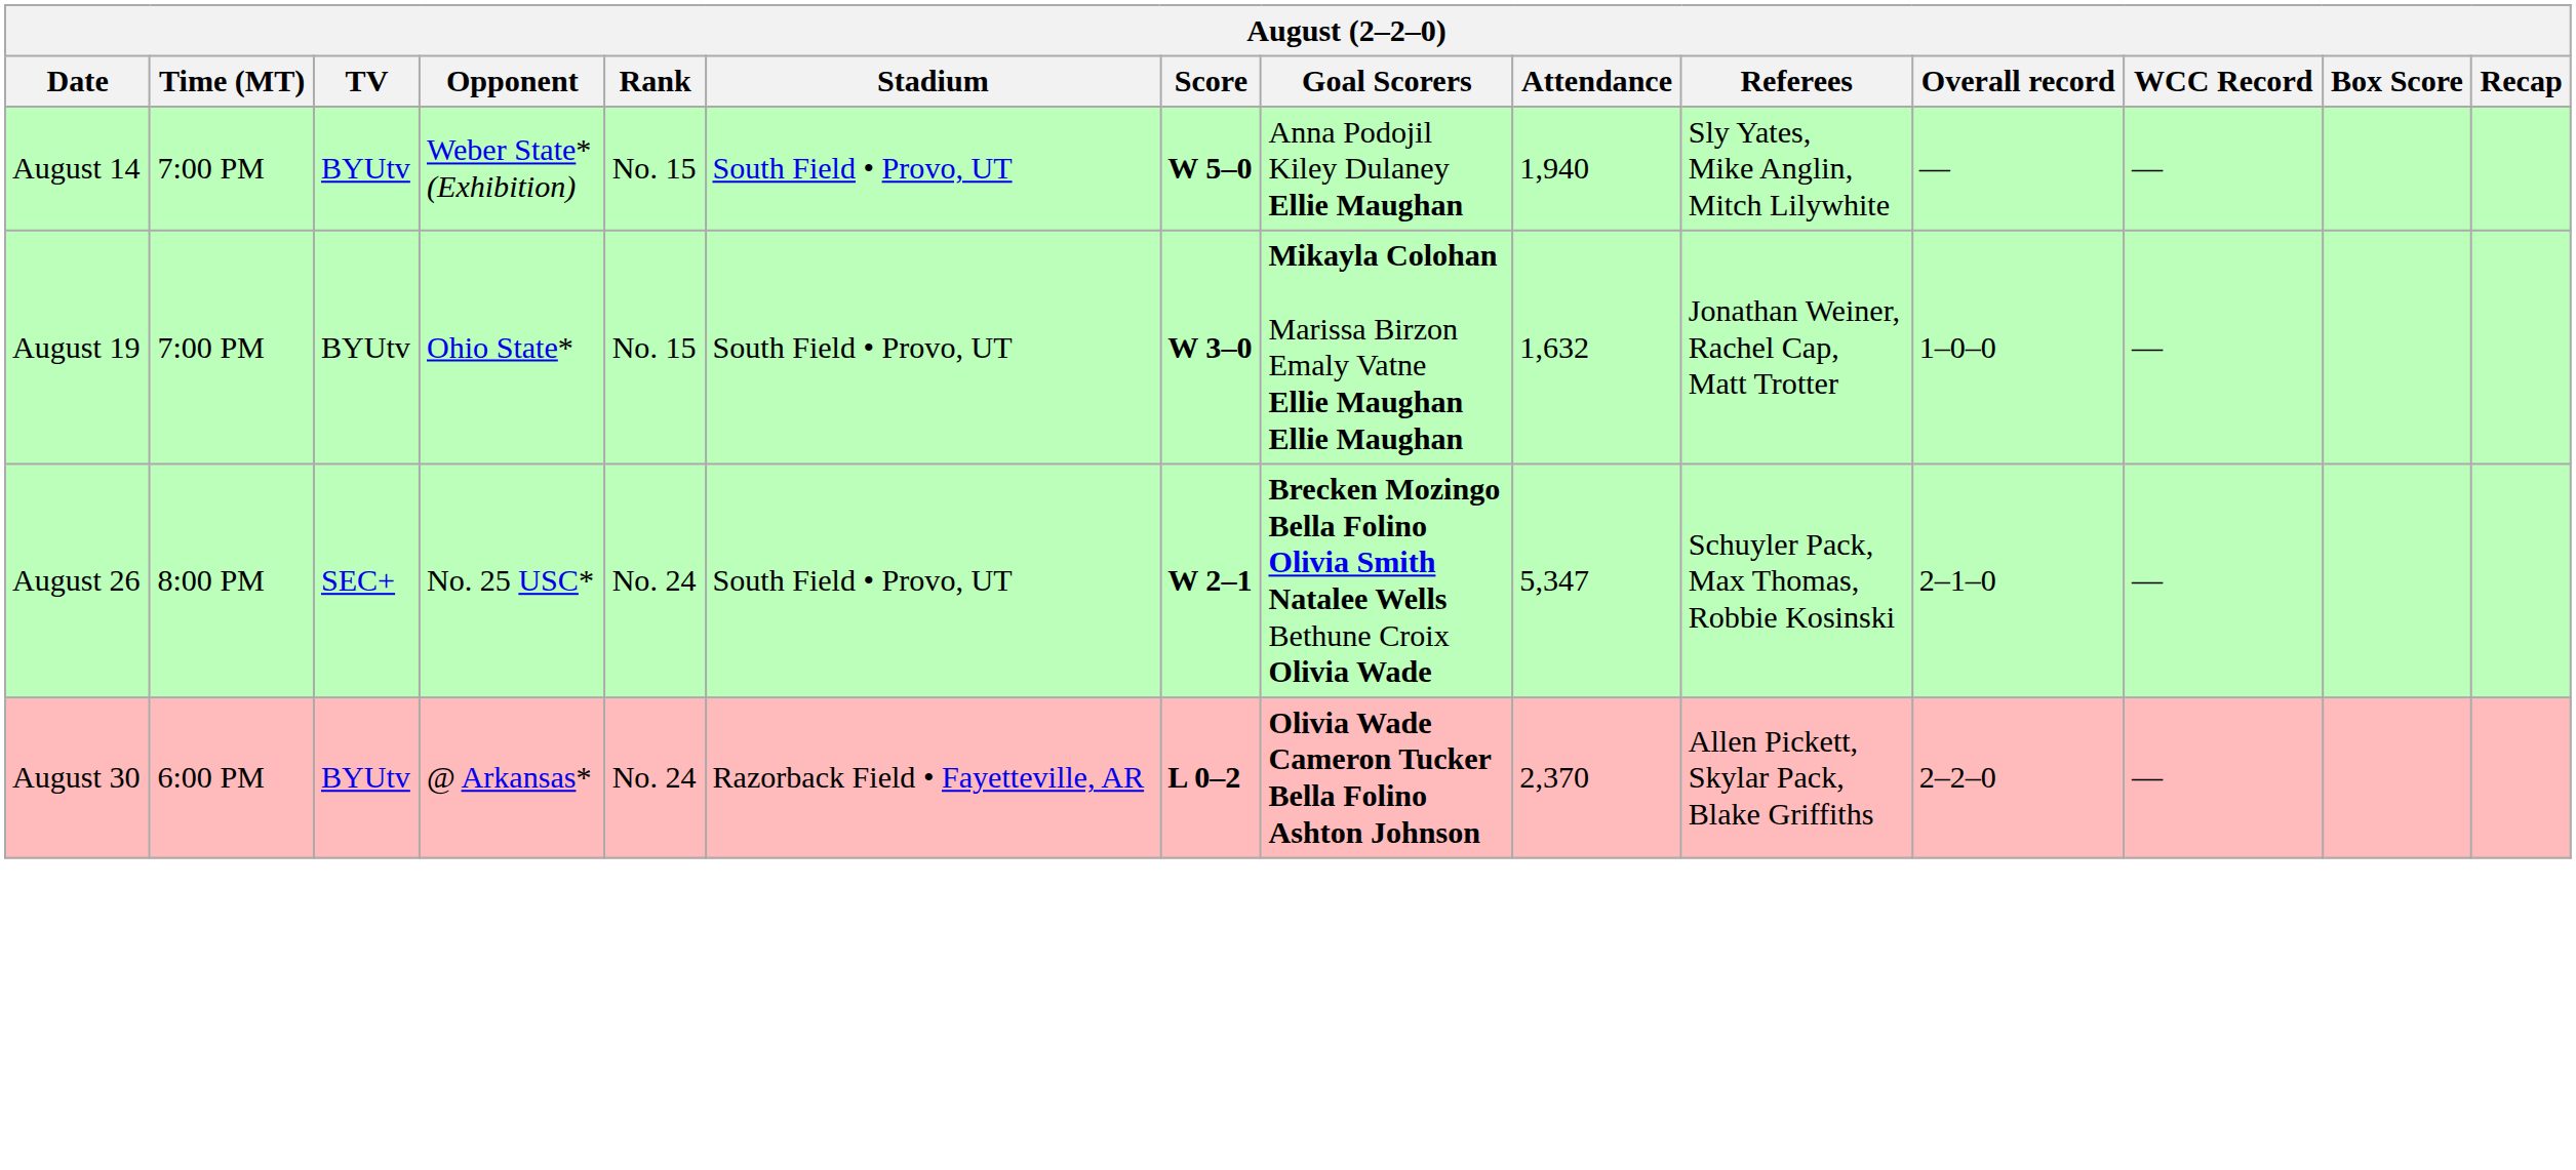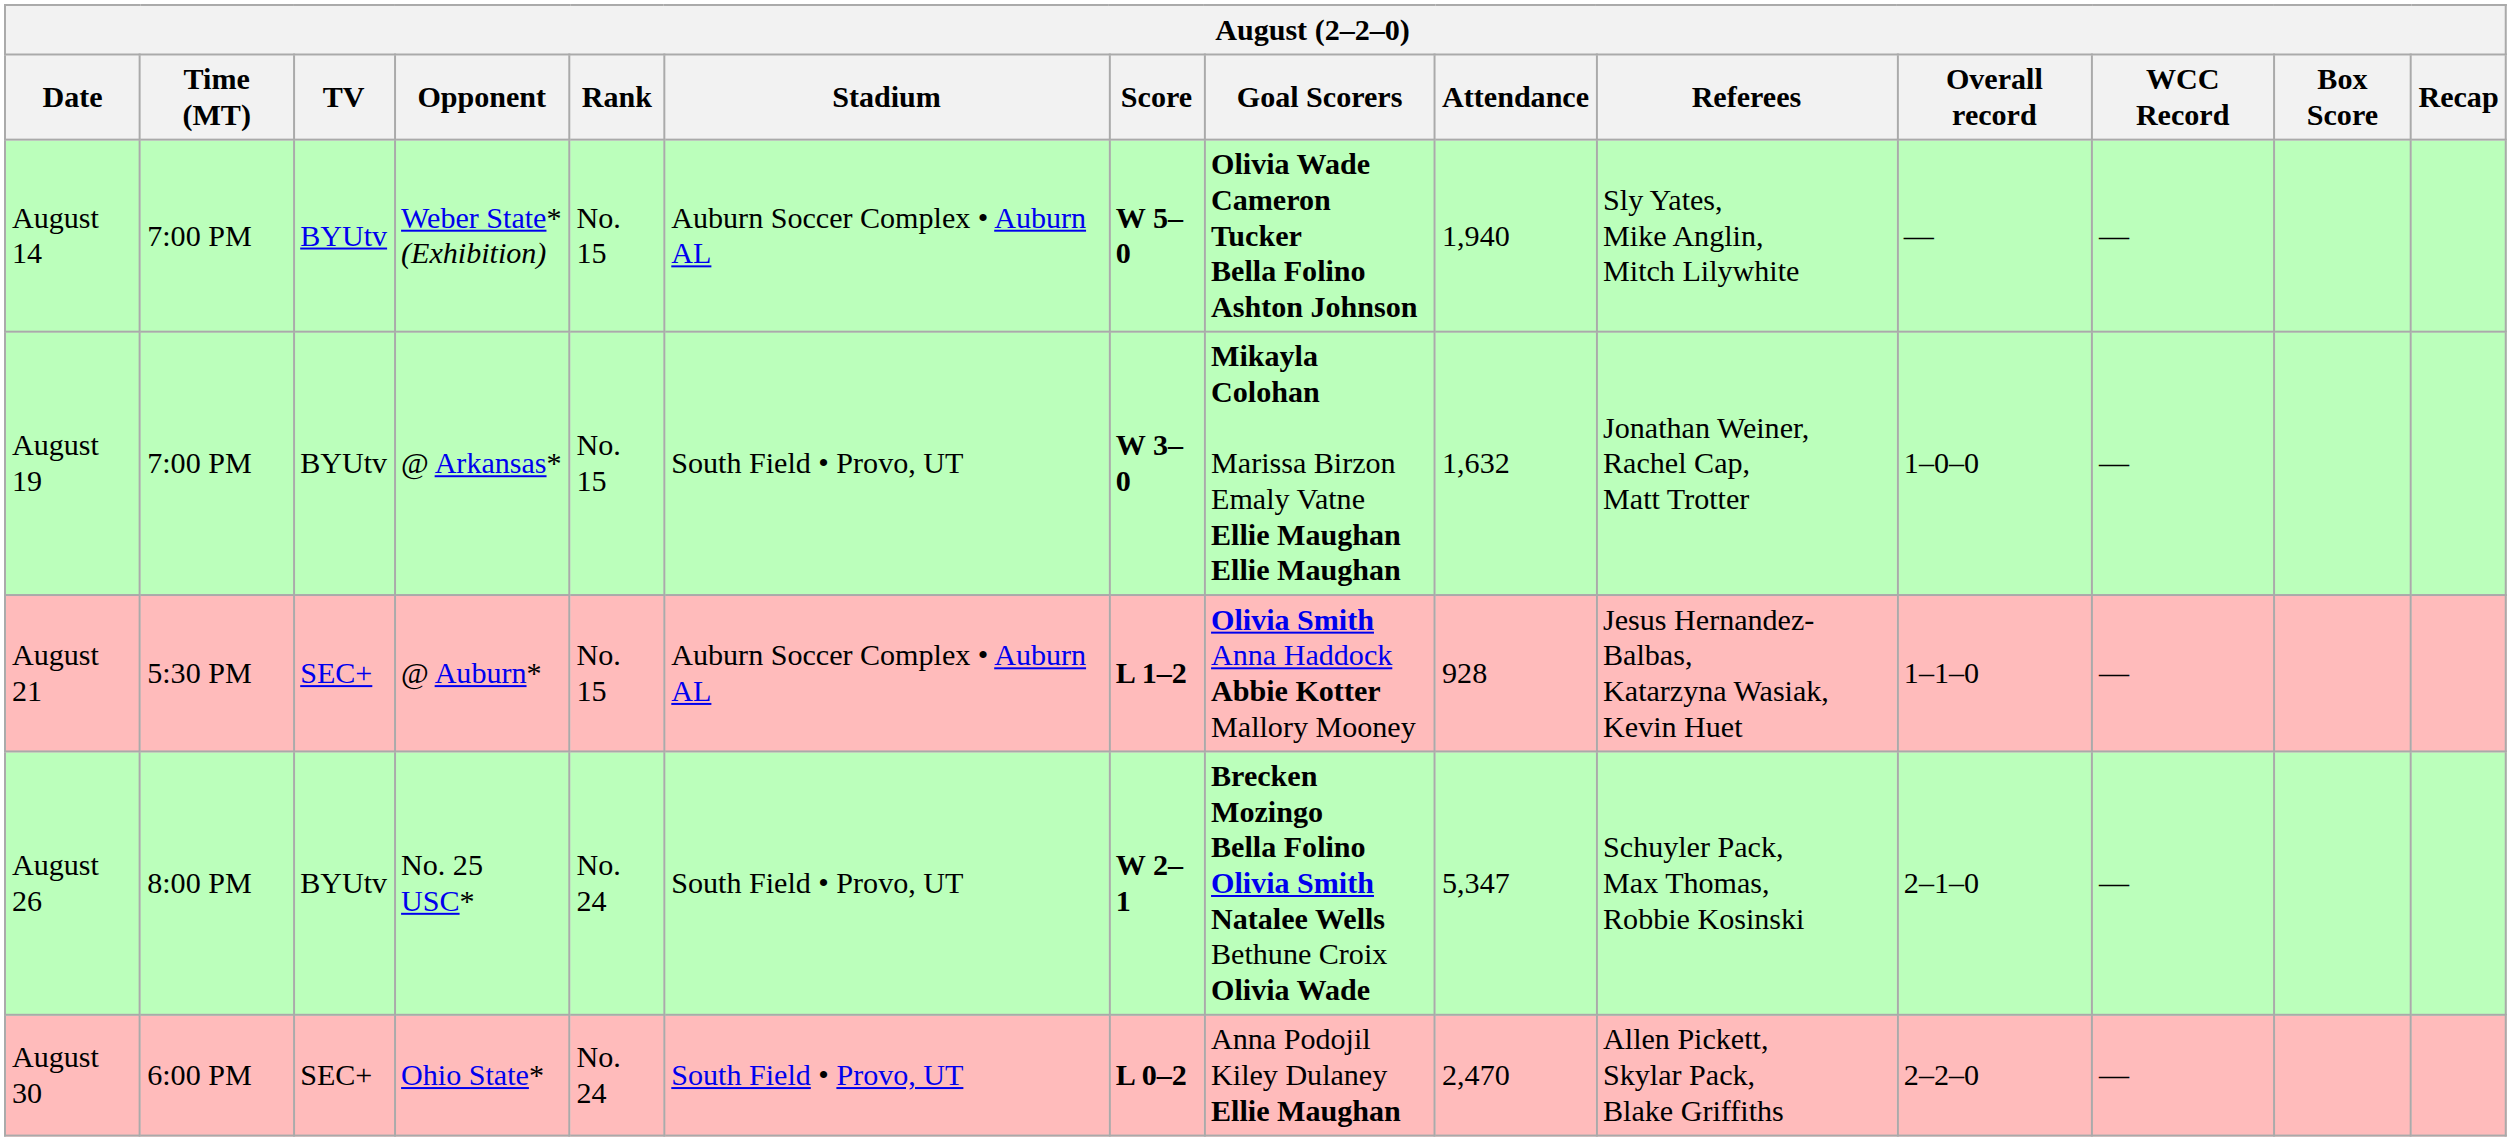 <table class="wikitable collapsible collapsed" style="margin:auto; font-size:95%; width:100%">
 <tr>
 <th colspan=14 style="padding-left:4em;">August (2–2–0)</th>
 </tr>
 <tr>
 <th>Date</th>
 <th>Time (MT)</th>
 <th>TV</th>
 <th>Opponent</th>
 <th>Rank</th>
 <th>Stadium</th>
 <th>Score</th>
 <th>Goal Scorers</th>
 <th>Attendance</th>
 <th>Referees</th>
 <th>Overall record</th>
 <th>WCC Record</th>
 <th>Box Score</th>
 <th>Recap</th>
 </tr>
 <tr bgcolor=bbffbb>
 <td>August 14</td>
 <td>7:00 PM</td>
 <td><a href='#'>BYUtv</a></td>
 <td><a href='#'>Weber State</a>*<br><em>(Exhibition)</em></td>
 <td>No. 15</td>
-<td><a href='#'>South Field</a> • <a href='#'>Provo, UT</a></td>
+<td>Auburn Soccer Complex • <a href='#'>Auburn AL</a></td>
 <td><strong>W 5–0</strong></td>
-<td> Anna Podojil <br>  Kiley Dulaney <br> <strong>Ellie Maughan</strong> </td>
+<td><strong>Olivia Wade</strong> <br><strong>Cameron Tucker</strong> <br> <strong>Bella Folino</strong>  <br> <strong>Ashton Johnson</strong> </td>
 <td>1,940</td>
 <td>Sly Yates,<br> Mike Anglin,<br> Mitch Lilywhite</td>
 <td>—</td>
 <td>—</td>
 <td></td>
 <td></td>
 </tr>
 <tr bgcolor=bbffbb>
 <td>August 19</td>
 <td>7:00 PM</td>
 <td>BYUtv</td>
-<td><a href='#'>Ohio State</a>*</td>
+<td>@ <a href='#'>Arkansas</a>*</td>
 <td>No. 15</td>
 <td>South Field • Provo, UT</td>
 <td><strong>W 3–0</strong></td>
 <td><strong>Mikayla Colohan</strong> <br><br> Marissa Birzon<br>  Emaly Vatne<br> <strong>Ellie Maughan</strong> <br> <strong>Ellie Maughan</strong></td>
 <td>1,632</td>
 <td>Jonathan Weiner,<br> Rachel Cap,<br> Matt Trotter</td>
 <td>1–0–0</td>
 <td>—</td>
 <td></td>
 <td></td>
 </tr>
+<tr bgcolor=ffbbbb>
+<td>August 21</td>
+<td>5:30 PM</td>
+<td><a href='#'>SEC+</a></td>
+<td>@ <a href='#'>Auburn</a>*</td>
+<td>No. 15</td>
+<td>Auburn Soccer Complex • <a href='#'>Auburn AL</a></td>
+<td><strong>L 1–2</strong></td>
+<td><strong><a href='#'>Olivia Smith</a></strong>  <br>  <a href='#'>Anna Haddock</a> <br><strong>Abbie Kotter</strong> <br>  Mallory Mooney</td>
+<td>928</td>
+<td>Jesus Hernandez-Balbas,<br>  Katarzyna Wasiak,<br> Kevin Huet</td>
+<td>1–1–0</td>
+<td>—</td>
+<td></td>
+<td></td>
+</tr>
 <tr bgcolor=bbffbb>
 <td>August 26</td>
 <td>8:00 PM</td>
-<td><a href='#'>SEC+</a></td>
+<td>BYUtv</td>
 <td>No. 25 <a href='#'>USC</a>*</td>
 <td>No. 24</td>
 <td>South Field • Provo, UT</td>
 <td><strong>W 2–1</strong></td>
 <td><strong>Brecken Mozingo</strong>  <br><strong>Bella Folino</strong> <br><strong><a href='#'>Olivia Smith</a></strong> <br><strong>Natalee Wells</strong>  <br>  Bethune Croix <br> <strong>Olivia Wade</strong> </td>
 <td>5,347</td>
 <td>Schuyler Pack,<br> Max Thomas,<br> Robbie Kosinski</td>
 <td>2–1–0</td>
 <td>—</td>
 <td></td>
 <td></td>
 </tr>
 <tr bgcolor=ffbbbb>
 <td>August 30</td>
 <td>6:00 PM</td>
-<td><a href='#'>BYUtv</a></td>
-<td>@ <a href='#'>Arkansas</a>*</td>
+<td>SEC+</td>
+<td><a href='#'>Ohio State</a>*</td>
 <td>No. 24</td>
-<td>Razorback Field • <a href='#'>Fayetteville, AR</a></td>
+<td><a href='#'>South Field</a> • <a href='#'>Provo, UT</a></td>
 <td><strong>L 0–2</strong></td>
-<td><strong>Olivia Wade</strong> <br><strong>Cameron Tucker</strong> <br> <strong>Bella Folino</strong>  <br> <strong>Ashton Johnson</strong> </td>
-<td>2,370</td>
+<td> Anna Podojil <br>  Kiley Dulaney <br> <strong>Ellie Maughan</strong> </td>
+<td>2,470</td>
 <td>Allen Pickett,<br>  Skylar Pack,<br> Blake Griffiths</td>
 <td>2–2–0</td>
 <td>—</td>
 <td></td>
 <td></td>
 </tr>
 </table>
